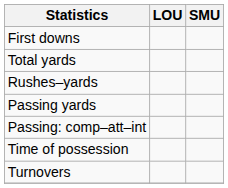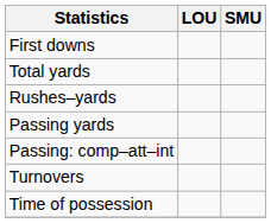 <table class="wikitable" style="float: left;">
 <tr>
 <th>Statistics</th>
 <th>LOU</th>
 <th>SMU</th>
 </tr>
 <tr>
 <td>First downs</td>
 <td></td>
 <td></td>
 </tr>
 <tr>
 <td>Total yards</td>
 <td></td>
 <td></td>
 </tr>
 <tr>
 <td>Rushes–yards</td>
 <td></td>
 <td></td>
 </tr>
 <tr>
 <td>Passing yards</td>
 <td></td>
 <td></td>
 </tr>
 <tr>
 <td>Passing: comp–att–int</td>
 <td></td>
 <td></td>
 </tr>
 <tr>
-<td>Time of possession</td>
+<td>Turnovers</td>
 <td></td>
 <td></td>
 </tr>
 <tr>
-<td>Turnovers</td>
+<td>Time of possession</td>
 <td></td>
 <td></td>
 </tr>
 <tr>
 </tr>
 </table>
